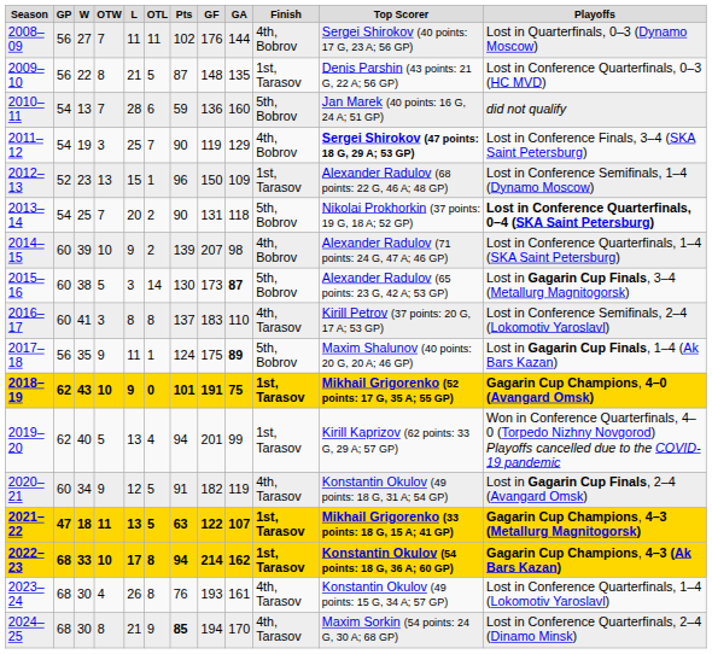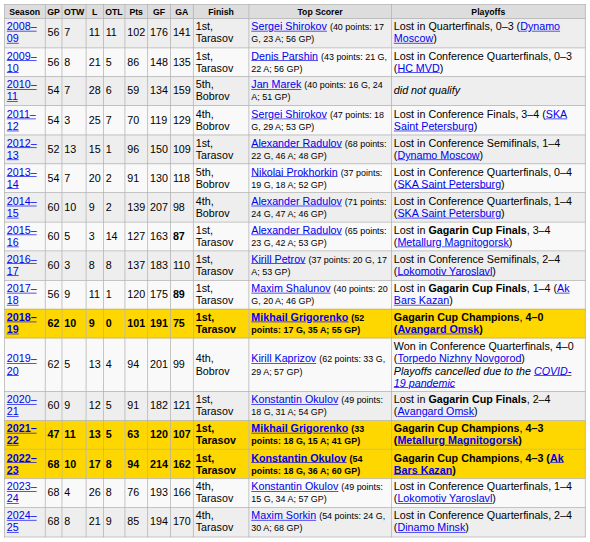 <table class="wikitable">
 <tr style="text-align:center; font-size:small; background:#ddd; padding:5px;"|>
 <td><strong>Season</strong></td>
 <td><strong>GP</strong></td>
-<td><strong>W</strong></td>
 <td><strong>OTW</strong></td>
 <td><strong>L</strong></td>
 <td><strong>OTL</strong></td>
 <td><strong>Pts</strong></td>
 <td><strong>GF</strong></td>
 <td><strong>GA</strong></td>
 <td><strong>Finish</strong></td>
 <td><strong>Top Scorer</strong></td>
 <td><strong>Playoffs</strong></td>
 </tr>
 <tr style="background:#eee;">
 <td><a href='#'>2008–09</a></td>
 <td>56</td>
-<td>27</td>
 <td>7</td>
 <td>11</td>
 <td>11</td>
 <td>102</td>
 <td>176</td>
-<td>144</td>
-<td>4th, Bobrov</td>
+<td>141</td>
+<td>1st, Tarasov</td>
 <td><a href='#'>Sergei Shirokov</a> <small>(40 points: 17 G, 23 A; 56 GP)</small></td>
 <td>Lost in Quarterfinals, 0–3 (<a href='#'>Dynamo Moscow</a>)</td>
 </tr>
 <tr>
 <td><a href='#'>2009–10</a></td>
 <td>56</td>
-<td>22</td>
 <td>8</td>
 <td>21</td>
 <td>5</td>
-<td>87</td>
+<td>86</td>
 <td>148</td>
 <td>135</td>
 <td>1st, Tarasov</td>
 <td><a href='#'>Denis Parshin</a> <small>(43 points: 21 G, 22 A; 56 GP)</small></td>
 <td>Lost in Conference Quarterfinals, 0–3 (<a href='#'>HC MVD</a>)</td>
 </tr>
 <tr style="background:#eee;">
 <td><a href='#'>2010–11</a></td>
 <td>54</td>
-<td>13</td>
 <td>7</td>
 <td>28</td>
 <td>6</td>
 <td>59</td>
-<td>136</td>
-<td>160</td>
+<td>134</td>
+<td>159</td>
 <td>5th, Bobrov</td>
 <td><a href='#'>Jan Marek</a> <small>(40 points: 16 G, 24 A; 51 GP)</small></td>
 <td><em>did not qualify</em></td>
 </tr>
 <tr>
 <td><a href='#'>2011–12</a></td>
 <td>54</td>
-<td>19</td>
 <td>3</td>
 <td>25</td>
 <td>7</td>
-<td>90</td>
+<td>70</td>
 <td>119</td>
 <td>129</td>
 <td>4th, Bobrov</td>
-<td><strong><a href='#'>Sergei Shirokov</a> <small>(47 points: 18 G, 29 A; 53 GP)</small></strong></td>
+<td><a href='#'>Sergei Shirokov</a> <small>(47 points: 18 G, 29 A; 53 GP)</small></td>
 <td>Lost in Conference Finals, 3–4 (<a href='#'>SKA Saint Petersburg</a>)</td>
 </tr>
 <tr style="background:#eee;">
 <td><a href='#'>2012–13</a></td>
 <td>52</td>
-<td>23</td>
 <td>13</td>
 <td>15</td>
 <td>1</td>
 <td>96</td>
 <td>150</td>
 <td>109</td>
 <td>1st, Tarasov</td>
 <td><a href='#'>Alexander Radulov</a> <small>(68 points: 22 G, 46 A; 48 GP)</small></td>
 <td>Lost in Conference Semifinals, 1–4 (<a href='#'>Dynamo Moscow</a>)</td>
 </tr>
 <tr>
 <td><a href='#'>2013–14</a></td>
 <td>54</td>
-<td>25</td>
 <td>7</td>
 <td>20</td>
 <td>2</td>
-<td>90</td>
-<td>131</td>
+<td>91</td>
+<td>130</td>
 <td>118</td>
 <td>5th, Bobrov</td>
 <td><a href='#'>Nikolai Prokhorkin</a> <small>(37 points: 19 G, 18 A; 52 GP)</small></td>
-<td><strong>Lost in Conference Quarterfinals, 0–4 (<a href='#'>SKA Saint Petersburg</a>)</strong></td>
+<td>Lost in Conference Quarterfinals, 0–4 (<a href='#'>SKA Saint Petersburg</a>)</td>
 </tr>
 <tr style="background:#eee;">
 <td><a href='#'>2014–15</a></td>
 <td>60</td>
-<td>39</td>
 <td>10</td>
 <td>9</td>
 <td>2</td>
 <td>139</td>
 <td>207</td>
 <td>98</td>
 <td>4th, Bobrov</td>
 <td><a href='#'>Alexander Radulov</a> <small>(71 points: 24 G, 47 A; 46 GP) </small></td>
 <td>Lost in Conference Quarterfinals, 1–4 (<a href='#'>SKA Saint Petersburg</a>)</td>
 </tr>
 <tr>
 <td><a href='#'>2015–16</a></td>
 <td>60</td>
-<td>38</td>
 <td>5</td>
 <td>3</td>
 <td>14</td>
-<td>130</td>
-<td>173</td>
+<td>127</td>
+<td>163</td>
 <td><strong>87</strong></td>
-<td>5th, Bobrov</td>
+<td>1st, Tarasov</td>
 <td><a href='#'>Alexander Radulov</a> <small>(65 points: 23 G, 42 A; 53 GP) </small></td>
 <td>Lost in <strong>Gagarin Cup Finals</strong>, 3–4 (<a href='#'>Metallurg Magnitogorsk</a>)</td>
 </tr>
 <tr style="background:#eee;">
 <td><a href='#'>2016–17</a></td>
 <td>60</td>
-<td>41</td>
 <td>3</td>
 <td>8</td>
 <td>8</td>
 <td>137</td>
 <td>183</td>
 <td>110</td>
-<td>4th, Tarasov</td>
+<td>1st, Tarasov</td>
 <td><a href='#'>Kirill Petrov</a> <small>(37 points: 20 G, 17 A; 53 GP) </small></td>
 <td>Lost in Conference Semifinals, 2–4 (<a href='#'>Lokomotiv Yaroslavl</a>)</td>
 </tr>
 <tr>
 <td><a href='#'>2017–18</a></td>
 <td>56</td>
-<td>35</td>
 <td>9</td>
 <td>11</td>
 <td>1</td>
-<td>124</td>
+<td>120</td>
 <td>175</td>
 <td><strong>89</strong></td>
-<td>5th, Bobrov</td>
+<td>1st, Tarasov</td>
 <td><a href='#'>Maxim Shalunov</a> <small>(40 points: 20 G, 20 A; 46 GP) </small></td>
 <td>Lost in <strong>Gagarin Cup Finals</strong>, 1–4 (<a href='#'>Ak Bars Kazan</a>)</td>
 </tr>
 <tr style="background:gold;">
 <td><strong><a href='#'>2018–19</a></strong></td>
 <td><strong>62</strong></td>
-<td><strong>43</strong></td>
 <td><strong>10</strong></td>
 <td><strong>9</strong></td>
 <td><strong>0</strong></td>
 <td><strong>101</strong></td>
 <td><strong>191</strong></td>
 <td><strong>75</strong></td>
 <td><strong>1st, Tarasov</strong></td>
 <td><strong><a href='#'>Mikhail Grigorenko</a></strong> <small><strong>(52 points: 17 G, 35 A; 55 GP)</strong> </small></td>
 <td><strong>Gagarin Cup Champions</strong>, <strong>4–0</strong> <strong>(<a href='#'>Avangard Omsk</a>)</strong></td>
 </tr>
 <tr>
 <td><a href='#'>2019–20</a></td>
 <td>62</td>
-<td>40</td>
 <td>5</td>
 <td>13</td>
 <td>4</td>
 <td>94</td>
 <td>201</td>
 <td>99</td>
-<td>1st, Tarasov</td>
+<td>4th, Bobrov</td>
 <td><a href='#'>Kirill Kaprizov</a> <small>(62 points: 33 G, 29 A; 57 GP) </small></td>
 <td>Won in Conference Quarterfinals, 4–0 (<a href='#'>Torpedo Nizhny Novgorod</a>)<br><em>Playoffs cancelled due to the <a href='#'>COVID-19 pandemic</a></em></td>
 </tr>
 <tr style="background:#eee;">
 <td><a href='#'>2020–21</a></td>
 <td>60</td>
-<td>34</td>
 <td>9</td>
 <td>12</td>
 <td>5</td>
 <td>91</td>
 <td>182</td>
-<td>119</td>
-<td>4th, Tarasov</td>
+<td>121</td>
+<td>1st, Tarasov</td>
 <td><a href='#'>Konstantin Okulov</a> <small>(49 points: 18 G, 31 A; 54 GP) </small></td>
 <td>Lost in <strong>Gagarin Cup Finals</strong>, 2–4 (<a href='#'>Avangard Omsk</a>)</td>
 </tr>
 <tr style="background:gold;">
 <td><strong><a href='#'>2021–22</a></strong></td>
 <td><strong>47</strong></td>
-<td><strong>18</strong></td>
 <td><strong>11</strong></td>
 <td><strong>13</strong></td>
 <td><strong>5</strong></td>
 <td><strong>63</strong></td>
-<td><strong>122</strong></td>
+<td><strong>120</strong></td>
 <td><strong>107</strong></td>
 <td><strong>1st, Tarasov</strong></td>
 <td><strong><a href='#'>Mikhail Grigorenko</a></strong> <small><strong>(33 points: 18 G, 15 A; 41 GP)</strong> </small></td>
 <td><strong>Gagarin Cup Champions</strong>, <strong>4–3</strong> <strong>(<a href='#'>Metallurg Magnitogorsk</a>)</strong></td>
 </tr>
 <tr style="background:gold;">
 <td><strong><a href='#'>2022–23</a></strong></td>
 <td><strong>68</strong></td>
-<td><strong>33</strong></td>
 <td><strong>10</strong></td>
 <td><strong>17</strong></td>
 <td><strong>8</strong></td>
 <td><strong>94</strong></td>
 <td><strong>214</strong></td>
 <td><strong>162</strong></td>
 <td><strong>1st, Tarasov</strong></td>
 <td><strong><a href='#'>Konstantin Okulov</a></strong> <small><strong>(54 points: 18 G, 36 A; 60 GP)</strong> </small></td>
 <td><strong>Gagarin Cup Champions</strong>, <strong>4–3</strong> <strong>(<a href='#'>Ak Bars Kazan</a>)</strong></td>
 </tr>
 <tr>
 <td><a href='#'>2023–24</a></td>
 <td>68</td>
-<td>30</td>
 <td>4</td>
 <td>26</td>
 <td>8</td>
 <td>76</td>
 <td>193</td>
-<td>161</td>
+<td>166</td>
 <td>4th, Tarasov</td>
 <td><a href='#'>Konstantin Okulov</a> <small>(49 points: 15 G, 34 A; 57 GP)</small></td>
 <td>Lost in Conference Quarterfinals, 1–4 (<a href='#'>Lokomotiv Yaroslavl</a>)</td>
 </tr>
 <tr style="background:#eee;">
 <td><a href='#'>2024–25</a></td>
 <td>68</td>
-<td>30</td>
 <td>8</td>
 <td>21</td>
 <td>9</td>
-<td><strong>85</strong></td>
+<td>85</td>
 <td>194</td>
 <td>170</td>
 <td>4th, Tarasov</td>
 <td><a href='#'>Maxim Sorkin</a> <small>(54 points: 24 G, 30 A; 68 GP) </small></td>
 <td>Lost in Conference Quarterfinals, 2–4 (<a href='#'>Dinamo Minsk</a>)</td>
 </tr>
 </table>
